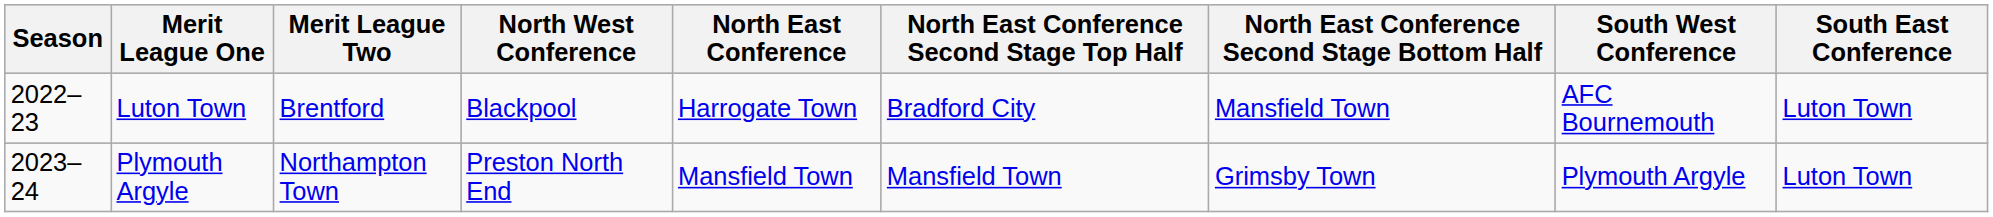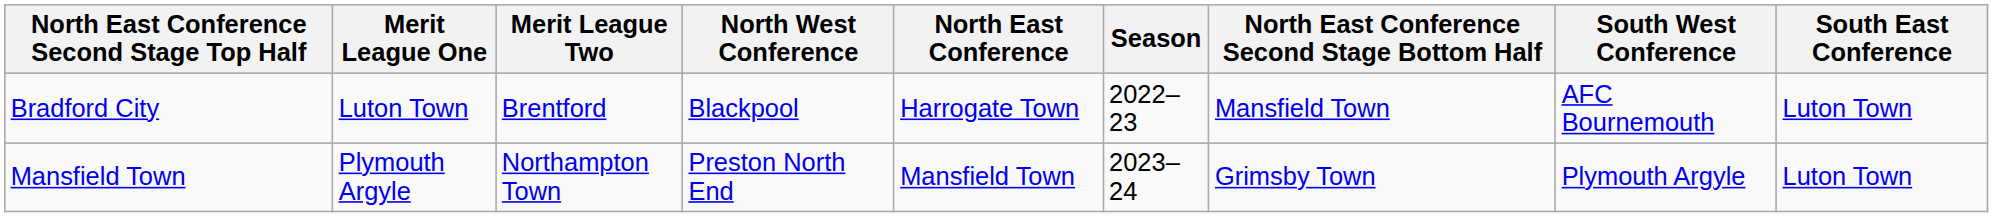 <table class="wikitable">
 <tr>
-<th>Season</th>
+<th>North East Conference Second Stage Top Half</th>
 <th>Merit League One</th>
 <th>Merit League Two</th>
 <th>North West Conference</th>
 <th>North East Conference</th>
-<th>North East Conference Second Stage Top Half</th>
+<th>Season</th>
 <th>North East Conference Second Stage Bottom Half</th>
 <th>South West Conference</th>
 <th>South East Conference</th>
 </tr>
 <tr>
-<td>2022–23</td>
+<td><a href='#'>Bradford City</a></td>
 <td><a href='#'>Luton Town</a></td>
 <td><a href='#'>Brentford</a></td>
 <td><a href='#'>Blackpool</a></td>
 <td><a href='#'>Harrogate Town</a></td>
-<td><a href='#'>Bradford City</a></td>
+<td>2022–23</td>
 <td><a href='#'>Mansfield Town</a></td>
 <td><a href='#'>AFC Bournemouth</a></td>
 <td><a href='#'>Luton Town</a></td>
 </tr>
 <tr>
-<td>2023–24</td>
+<td><a href='#'>Mansfield Town</a></td>
 <td><a href='#'>Plymouth Argyle</a></td>
 <td><a href='#'>Northampton Town</a></td>
 <td><a href='#'>Preston North End</a></td>
 <td><a href='#'>Mansfield Town</a></td>
-<td><a href='#'>Mansfield Town</a></td>
+<td>2023–24</td>
 <td><a href='#'>Grimsby Town</a></td>
 <td><a href='#'>Plymouth Argyle</a></td>
 <td><a href='#'>Luton Town</a></td>
 </tr>
 </table>
